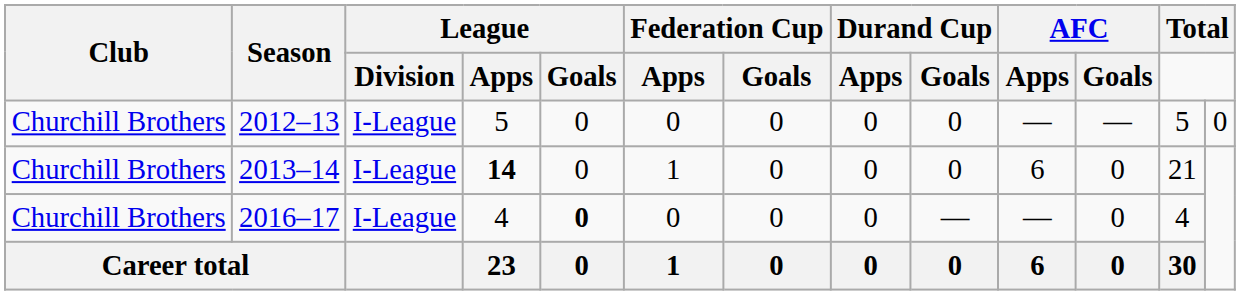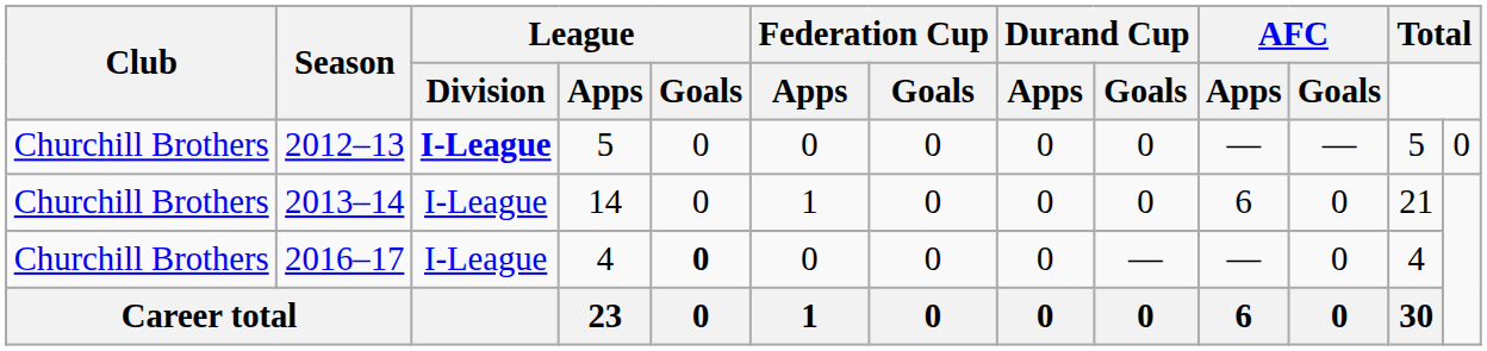 <table class="wikitable" style="font-size:90%; text-align:center;">
 <tr>
 <th rowspan="2">Club</th>
 <th rowspan="2">Season</th>
 <th colspan="3">League</th>
 <th colspan="2">Federation Cup</th>
 <th colspan="2">Durand Cup</th>
 <th colspan="2"><a href='#'>AFC</a></th>
 <th colspan="2">Total</th>
 </tr>
 <tr>
 <th>Division</th>
 <th>Apps</th>
 <th>Goals</th>
 <th>Apps</th>
 <th>Goals</th>
 <th>Apps</th>
 <th>Goals</th>
 <th>Apps</th>
 <th>Goals</th>
 </tr>
 <tr>
 <td rowspan="1"><a href='#'>Churchill Brothers</a></td>
 <td><a href='#'>2012–13</a></td>
-<td><a href='#'>I-League</a></td>
+<td><strong><a href='#'>I-League</a></strong></td>
 <td>5</td>
 <td>0</td>
 <td>0</td>
 <td>0</td>
 <td>0</td>
 <td>0</td>
 <td>—</td>
 <td>—</td>
 <td>5</td>
 <td>0</td>
 </tr>
 <tr>
 <td rowspan="1"><a href='#'>Churchill Brothers</a></td>
 <td><a href='#'>2013–14</a></td>
 <td><a href='#'>I-League</a></td>
-<td><strong>14</strong></td>
+<td>14</td>
 <td>0</td>
 <td>1</td>
 <td>0</td>
 <td>0</td>
 <td>0</td>
 <td>6</td>
 <td>0</td>
 <td>21</td>
 </tr>
 <tr>
 <td rowspan="1"><a href='#'>Churchill Brothers</a></td>
 <td><a href='#'>2016–17</a></td>
 <td><a href='#'>I-League</a></td>
 <td>4</td>
 <td><strong>0</strong></td>
 <td>0</td>
 <td>0</td>
 <td>0</td>
 <td>—</td>
 <td>—</td>
 <td>0</td>
 <td>4</td>
 </tr>
 <tr>
 <th colspan="2">Career total</th>
 <th></th>
 <th>23</th>
 <th>0</th>
 <th>1</th>
 <th>0</th>
 <th>0</th>
 <th>0</th>
 <th>6</th>
 <th>0</th>
 <th>30</th>
 </tr>
 </table>
